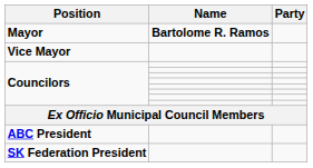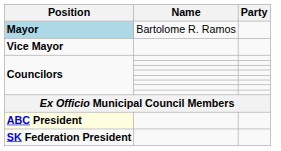 <table class="wikitable">
 <tr>
 <th>Position</th>
 <th>Name</th>
 <th colspan=2>Party</th>
 </tr>
 <tr>
-<td><strong>Mayor</strong></td>
-<td><strong>Bartolome R. Ramos</strong></td>
+<td style="background: lightblue;"><strong>Mayor</strong></td>
+<td>Bartolome R. Ramos</td>
 <td></td>
 </tr>
 <tr>
 <td><strong>Vice Mayor</strong></td>
 <td></td>
 <td></td>
 </tr>
 <tr>
 <td rowspan=8><strong>Councilors</strong></td>
 <td></td>
 <td></td>
 </tr>
 <tr>
 <td></td>
 <td></td>
 </tr>
 <tr>
 <td></td>
 <td></td>
 </tr>
 <tr>
 <td></td>
 <td></td>
 </tr>
 <tr>
 <td></td>
 <td></td>
 </tr>
 <tr>
 <td></td>
 <td></td>
 </tr>
 <tr>
 <td></td>
 <td></td>
 </tr>
 <tr>
 <td></td>
 <td></td>
 </tr>
 <tr>
 <th colspan=4><em>Ex Officio</em> Municipal Council Members</th>
 </tr>
 <tr>
-<td><strong><a href='#'>ABC</a> President</strong></td>
+<td style="background: lightyellow;"><strong><a href='#'>ABC</a> President</strong></td>
 <td></td>
 <td></td>
 </tr>
 <tr>
 <td><strong><a href='#'>SK</a> Federation President</strong></td>
 <td></td>
 <td></td>
 </tr>
 </table>
